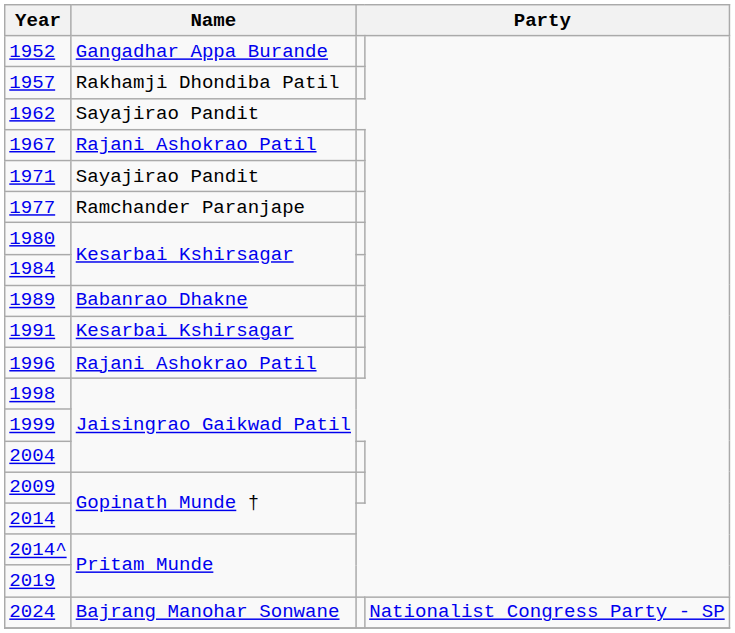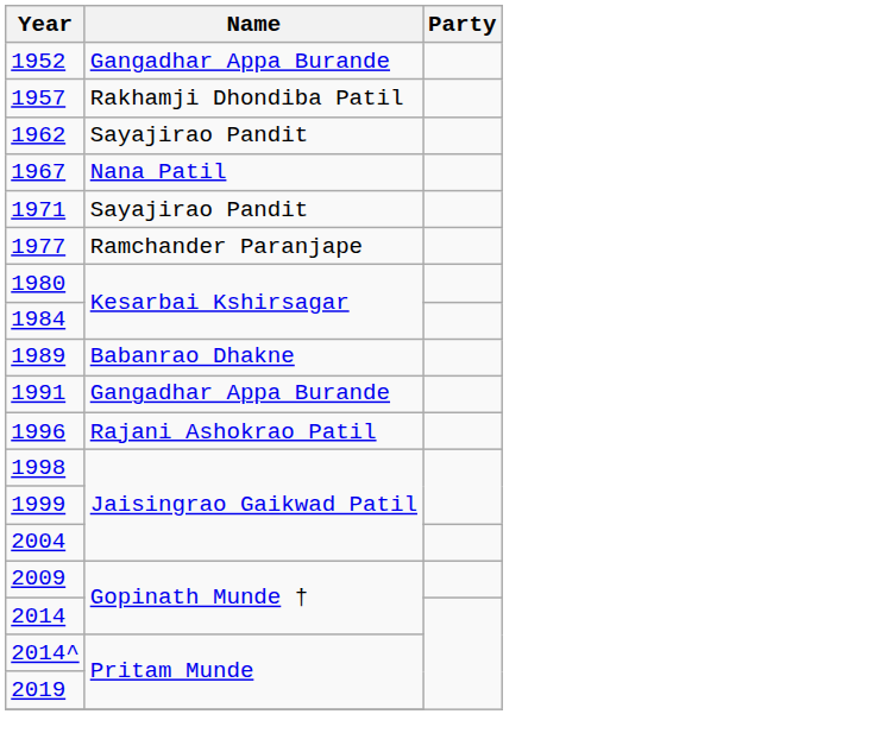 <table class="wikitable">
 <tr>
 <th>Year</th>
 <th>Name</th>
 <th colspan="2">Party</th>
 </tr>
 <tr>
 <td><a href='#'>1952</a></td>
 <td><a href='#'>Gangadhar Appa Burande</a></td>
 <td></td>
 </tr>
 <tr>
 <td><a href='#'>1957</a></td>
 <td>Rakhamji Dhondiba Patil</td>
 <td></td>
 </tr>
 <tr>
 <td><a href='#'>1962</a></td>
 <td>Sayajirao Pandit</td>
 </tr>
 <tr>
 <td><a href='#'>1967</a></td>
-<td><a href='#'>Rajani Ashokrao Patil</a></td>
+<td><a href='#'>Nana Patil</a></td>
 <td></td>
 </tr>
 <tr>
 <td><a href='#'>1971</a></td>
 <td>Sayajirao Pandit</td>
 <td></td>
 </tr>
 <tr>
 <td><a href='#'>1977</a></td>
 <td>Ramchander Paranjape</td>
 <td></td>
 </tr>
 <tr>
 <td><a href='#'>1980</a></td>
 <td rowspan="2"><a href='#'>Kesarbai Kshirsagar</a></td>
 <td></td>
 </tr>
 <tr>
 <td><a href='#'>1984</a></td>
 <td></td>
 </tr>
 <tr>
 <td><a href='#'>1989</a></td>
 <td><a href='#'>Babanrao Dhakne</a></td>
 <td></td>
 </tr>
 <tr>
 <td><a href='#'>1991</a></td>
-<td><a href='#'>Kesarbai Kshirsagar</a></td>
+<td><a href='#'>Gangadhar Appa Burande</a></td>
 <td></td>
 </tr>
 <tr>
 <td><a href='#'>1996</a></td>
 <td><a href='#'>Rajani Ashokrao Patil</a></td>
 <td></td>
 </tr>
 <tr>
 <td><a href='#'>1998</a></td>
 <td rowspan="3"><a href='#'>Jaisingrao Gaikwad Patil</a></td>
 </tr>
 <tr>
 <td><a href='#'>1999</a></td>
 </tr>
 <tr>
 <td><a href='#'>2004</a></td>
 <td></td>
 </tr>
 <tr>
 <td><a href='#'>2009</a></td>
 <td rowspan="2"><a href='#'>Gopinath Munde</a> †</td>
 <td></td>
 </tr>
 <tr>
 <td><a href='#'>2014</a></td>
 </tr>
 <tr>
 <td><a href='#'>2014^</a></td>
 <td rowspan="2"><a href='#'>Pritam Munde</a></td>
 </tr>
 <tr>
 <td><a href='#'>2019</a></td>
 </tr>
 <tr>
-<td><a href='#'>2024</a></td>
-<td><a href='#'>Bajrang Manohar Sonwane</a></td>
-<td style="background-color: "></td>
-<td><a href='#'>Nationalist Congress Party - SP</a></td>
-</tr>
-<tr>
 </tr>
 </table>
